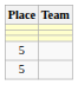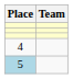 <table class="wikitable">
 <tr>
 <th>Place</th>
 <th>Team</th>
 </tr>
 <tr bgcolor=#ffffcc>
 <td align=center></td>
 <td></td>
 </tr>
 <tr bgcolor=#ffffcc>
 <td align=center></td>
 <td></td>
 </tr>
 <tr bgcolor=#ffffcc>
 <td align=center></td>
 <td></td>
 </tr>
 <tr>
-<td align=center>5</td>
+<td align=center>4</td>
 <td></td>
 </tr>
 <tr>
-<td align=center>5</td>
+<td align=center style="background: lightblue;">5</td>
 <td></td>
 </tr>
 </table>
